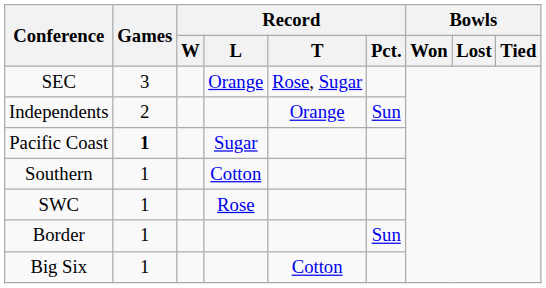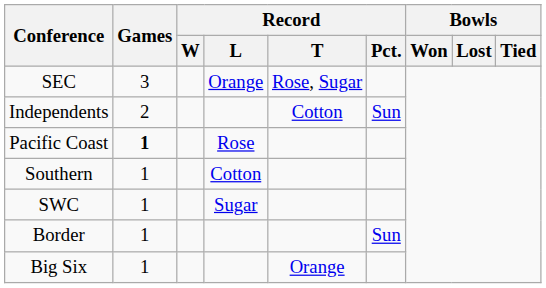 <table class="wikitable sortable" style="text-align:center; font-size: 95%;">
 <tr>
 <th rowspan=2>Conference</th>
 <th rowspan=2>Games</th>
 <th colspan=4>Record</th>
 <th colspan=3>Bowls</th>
 </tr>
 <tr>
 <th>W</th>
 <th>L</th>
 <th>T</th>
 <th>Pct.</th>
 <th class=unsortable>Won</th>
 <th class=unsortable>Lost</th>
 <th class=unsortable>Tied</th>
 </tr>
 <tr>
 <td>SEC</td>
 <td>3</td>
 <td></td>
 <td><a href='#'>Orange</a></td>
 <td><a href='#'>Rose</a>, <a href='#'>Sugar</a></td>
 <td></td>
 </tr>
 <tr>
 <td>Independents</td>
 <td>2</td>
 <td></td>
 <td></td>
-<td><a href='#'>Orange</a></td>
+<td><a href='#'>Cotton</a></td>
 <td><a href='#'>Sun</a></td>
 </tr>
 <tr>
 <td>Pacific Coast</td>
 <td><strong>1</strong></td>
 <td></td>
-<td><a href='#'>Sugar</a></td>
+<td><a href='#'>Rose</a></td>
 <td></td>
 <td></td>
 </tr>
 <tr>
 <td>Southern</td>
 <td>1</td>
 <td></td>
 <td><a href='#'>Cotton</a></td>
 <td></td>
 <td></td>
 </tr>
 <tr>
 <td>SWC</td>
 <td>1</td>
 <td></td>
-<td><a href='#'>Rose</a></td>
+<td><a href='#'>Sugar</a></td>
 <td></td>
 <td></td>
 </tr>
 <tr>
 <td>Border</td>
 <td>1</td>
 <td></td>
 <td></td>
 <td></td>
 <td><a href='#'>Sun</a></td>
 </tr>
 <tr>
 <td>Big Six</td>
 <td>1</td>
 <td></td>
 <td></td>
-<td><a href='#'>Cotton</a></td>
+<td><a href='#'>Orange</a></td>
 <td></td>
 </tr>
 </table>
